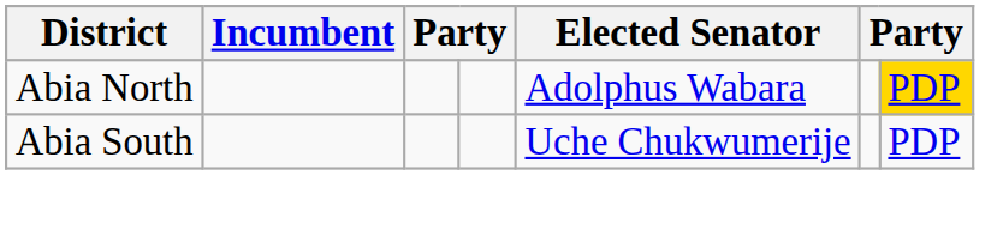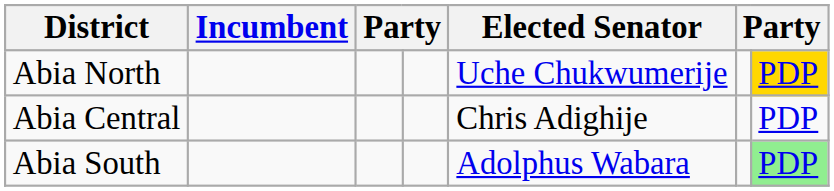 <table class="sortable wikitable" style="font-size:95%;line-height:14px;">
 <tr>
 <th class="unsortable">District</th>
 <th class="unsortable"><a href='#'>Incumbent</a></th>
 <th colspan="2">Party</th>
 <th class="unsortable">Elected Senator</th>
 <th colspan="2">Party</th>
 </tr>
 <tr>
 <td>Abia North</td>
 <td></td>
 <td></td>
 <td></td>
-<td><a href='#'>Adolphus Wabara</a></td>
+<td><a href='#'>Uche Chukwumerije</a></td>
 <td style="background:"></td>
 <td style="background: gold;"><a href='#'>PDP</a></td>
+</tr>
+<tr>
+<td>Abia Central</td>
+<td></td>
+<td></td>
+<td></td>
+<td>Chris Adighije</td>
+<td style="background:"></td>
+<td><a href='#'>PDP</a></td>
 </tr>
 <tr>
 <td>Abia South</td>
 <td></td>
 <td></td>
 <td></td>
-<td><a href='#'>Uche Chukwumerije</a></td>
+<td><a href='#'>Adolphus Wabara</a></td>
 <td style="background:"></td>
-<td><a href='#'>PDP</a></td>
+<td style="background: lightgreen;"><a href='#'>PDP</a></td>
 </tr>
 </table>
